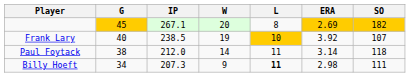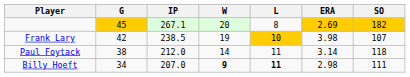 <table class="wikitable sortable">
 <tr>
 <th bgcolor="#DDDDFF" width="16%">Player</th>
 <th bgcolor="#DDDDFF" width="9%">G</th>
 <th bgcolor="#DDDDFF" width="9%">IP</th>
 <th bgcolor="#DDDDFF" width="9%">W</th>
 <th bgcolor="#DDDDFF" width="9%">L</th>
 <th bgcolor="#DDDDFF" width="9%">ERA</th>
 <th bgcolor="#DDDDFF" width="9%">SO</th>
 </tr>
 <tr align="center">
 <td></td>
 <td style="background:#fc0;">45</td>
 <td style="background:#DDFFDD;">267.1</td>
 <td style="background:#DDFFDD;">20</td>
 <td>8</td>
 <td style="background:#fc0;">2.69</td>
 <td style="background:#fc0;">182</td>
 </tr>
 <tr align="center">
 <td><a href='#'>Frank Lary</a></td>
-<td>40</td>
+<td>42</td>
 <td>238.5</td>
 <td>19</td>
 <td style="background:#fc0;">10</td>
-<td>3.92</td>
+<td>3.98</td>
 <td>107</td>
 </tr>
 <tr align="center">
 <td><a href='#'>Paul Foytack</a></td>
 <td>38</td>
 <td>212.0</td>
 <td>14</td>
 <td>11</td>
 <td>3.14</td>
 <td>118</td>
 </tr>
 <tr align="center">
 <td><a href='#'>Billy Hoeft</a></td>
 <td>34</td>
-<td>207.3</td>
-<td>9</td>
+<td>207.0</td>
+<td><strong>9</strong></td>
 <td><strong>11</strong></td>
 <td>2.98</td>
 <td>111</td>
 </tr>
 </table>
